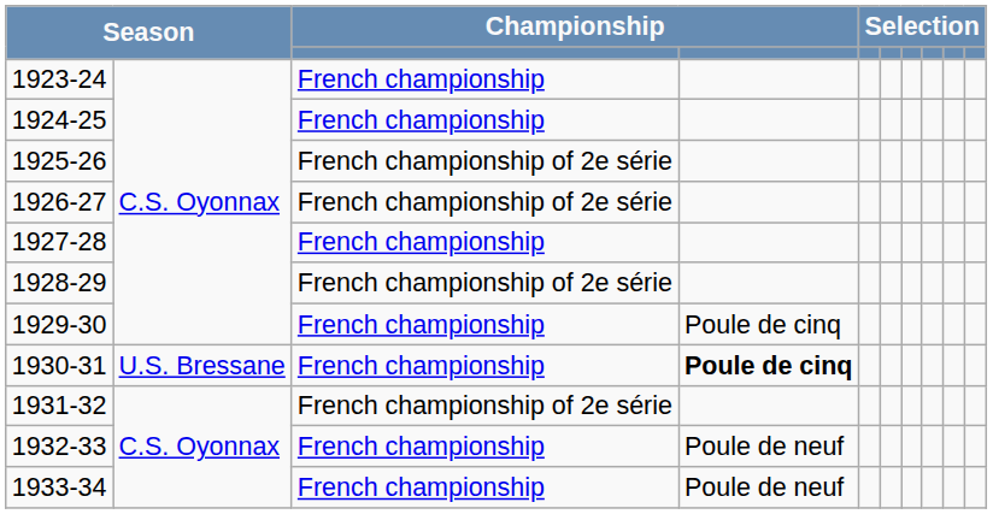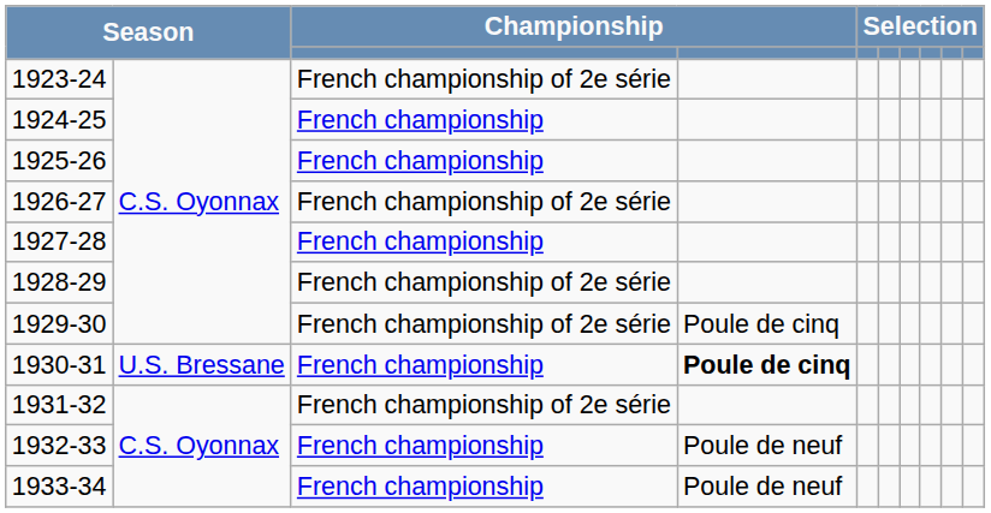 <table class="wikitable" style="font-size:90%; style="text-align:center">
 <tr>
 <th colspan="2" rowspan="2" scope="col" style="background-color:#668CB3; color:#F9F9F9;">Season</th>
 <th colspan="2" scope="col" style="background-color:#668CB3; color:#F9F9F9;">Championship</th>
 <th colspan="7" scope="col" style="background-color:#668CB3; color:#F9F9F9;">Selection</th>
 </tr>
 <tr>
 <th scope="col" style="background-color:#668CB3; color:#F9F9F9;"></th>
 <th scope="col" style="background-color:#668CB3; color:#F9F9F9;"></th>
 <th scope="col" style="background-color:#668CB3; color:#F9F9F9;"></th>
 <th scope="col" style="background-color:#668CB3; color:#F9F9F9;"></th>
 <th scope="col" style="background-color:#668CB3; color:#F9F9F9;"></th>
 <th scope="col" style="background-color:#668CB3; color:#F9F9F9;"></th>
 <th scope="col" style="background-color:#668CB3; color:#F9F9F9;"></th>
 <th scope="col" style="background-color:#668CB3; color:#F9F9F9;"></th>
 </tr>
 <tr>
 <td style="text-align:left">1923-24</td>
 <td rowspan="7"> <a href='#'>C.S. Oyonnax</a></td>
-<td><a href='#'>French championship</a></td>
+<td>French championship of 2e série</td>
 <td></td>
 <td></td>
 <td></td>
 <td></td>
 <td></td>
 <td></td>
 <td></td>
 </tr>
 <tr>
 <td style="text-align:left">1924-25</td>
 <td><a href='#'>French championship</a></td>
 <td></td>
 <td></td>
 <td></td>
 <td></td>
 <td></td>
 <td></td>
 <td></td>
 </tr>
 <tr>
 <td style="text-align:left">1925-26</td>
-<td>French championship of 2e série</td>
+<td><a href='#'>French championship</a></td>
 <td></td>
 <td></td>
 <td></td>
 <td></td>
 <td></td>
 <td></td>
 <td></td>
 </tr>
 <tr>
 <td style="text-align:left">1926-27</td>
 <td>French championship of 2e série</td>
 <td></td>
 <td></td>
 <td></td>
 <td></td>
 <td></td>
 <td></td>
 <td></td>
 </tr>
 <tr>
 <td style="text-align:left">1927-28</td>
 <td><a href='#'>French championship</a></td>
 <td></td>
 <td></td>
 <td></td>
 <td></td>
 <td></td>
 <td></td>
 <td></td>
 </tr>
 <tr>
 <td style="text-align:left">1928-29</td>
 <td>French championship of 2e série</td>
 <td></td>
 <td></td>
 <td></td>
 <td></td>
 <td></td>
 <td></td>
 <td></td>
 </tr>
 <tr>
 <td style="text-align:left">1929-30</td>
-<td><a href='#'>French championship</a></td>
+<td>French championship of 2e série</td>
 <td>Poule de cinq</td>
 <td></td>
 <td></td>
 <td></td>
 <td></td>
 <td></td>
 <td></td>
 </tr>
 <tr>
 <td style="text-align:left">1930-31</td>
 <td> <a href='#'>U.S. Bressane</a></td>
 <td><a href='#'>French championship</a></td>
 <td><strong>Poule de cinq</strong></td>
 <td></td>
 <td></td>
 <td></td>
 <td></td>
 <td></td>
 <td></td>
 </tr>
 <tr>
 <td style="text-align:left">1931-32</td>
 <td rowspan="3"> <a href='#'>C.S. Oyonnax</a></td>
 <td>French championship of 2e série</td>
 <td></td>
 <td></td>
 <td></td>
 <td></td>
 <td></td>
 <td></td>
 <td></td>
 </tr>
 <tr>
 <td style="text-align:left">1932-33</td>
 <td><a href='#'>French championship</a></td>
 <td>Poule de neuf</td>
 <td></td>
 <td></td>
 <td></td>
 <td></td>
 <td></td>
 <td></td>
 </tr>
 <tr>
 <td style="text-align:left">1933-34</td>
 <td><a href='#'>French championship</a></td>
 <td>Poule de neuf</td>
 <td></td>
 <td></td>
 <td></td>
 <td></td>
 <td></td>
 <td></td>
 </tr>
 </table>
